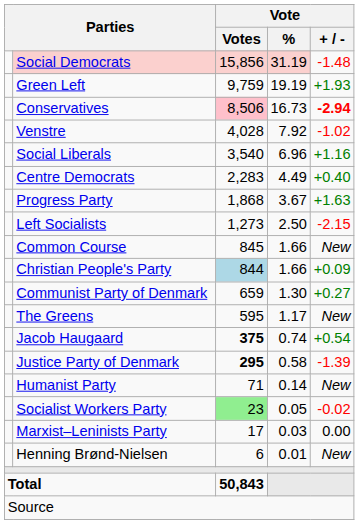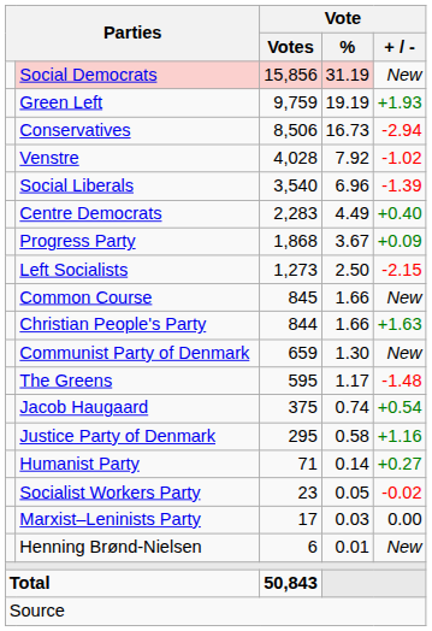 <table class="wikitable" style="text-align:right;">
 <tr>
 <th style="text-align:centre;" rowspan="2" colspan="2" width="225">Parties</th>
 <th colspan="3">Vote</th>
 </tr>
 <tr>
 <th width="15">Votes</th>
 <th width="15">%</th>
 <th width="15">+ / -</th>
 </tr>
 <tr>
 <td width="2" style="color:inherit;background:"></td>
 <td bgcolor=#fbd0ce  align="left"><a href='#'>Social Democrats</a></td>
 <td bgcolor=#fbd0ce>15,856</td>
 <td bgcolor=#fbd0ce>31.19</td>
-<td style=color:red;>-1.48</td>
+<td><em>New</em></td>
 </tr>
 <tr>
 <td width="2" style="color:inherit;background:"></td>
 <td align="left"><a href='#'>Green Left</a></td>
 <td>9,759</td>
 <td>19.19</td>
 <td style=color:green;>+1.93</td>
 </tr>
 <tr>
 <td width="2" style="color:inherit;background:"></td>
 <td align="left"><a href='#'>Conservatives</a></td>
-<td style="background: pink;">8,506</td>
+<td>8,506</td>
 <td>16.73</td>
-<td style=color:red;><strong>-2.94</strong></td>
+<td style=color:red;>-2.94</td>
 </tr>
 <tr>
 <td width="2" style="color:inherit;background:"></td>
 <td align="left"><a href='#'>Venstre</a></td>
 <td>4,028</td>
 <td>7.92</td>
 <td style=color:red;>-1.02</td>
 </tr>
 <tr>
 <td width="2" style="color:inherit;background:"></td>
 <td align="left"><a href='#'>Social Liberals</a></td>
 <td>3,540</td>
 <td>6.96</td>
-<td style=color:green;>+1.16</td>
+<td style=color:red;>-1.39</td>
 </tr>
 <tr>
 <td width="2" style="color:inherit;background:"></td>
 <td align="left"><a href='#'>Centre Democrats</a></td>
 <td>2,283</td>
 <td>4.49</td>
 <td style=color:green;>+0.40</td>
 </tr>
 <tr>
 <td width="2" style="color:inherit;background:"></td>
 <td align="left"><a href='#'>Progress Party</a></td>
 <td>1,868</td>
 <td>3.67</td>
-<td style=color:green;>+1.63</td>
+<td style=color:green;>+0.09</td>
 </tr>
 <tr>
 <td width="2" style="color:inherit;background:"></td>
 <td align="left"><a href='#'>Left Socialists</a></td>
 <td>1,273</td>
 <td>2.50</td>
 <td style=color:red;>-2.15</td>
 </tr>
 <tr>
 <td width="2" style="color:inherit;background:"></td>
 <td align="left"><a href='#'>Common Course</a></td>
 <td>845</td>
 <td>1.66</td>
 <td><em>New</em></td>
 </tr>
 <tr>
 <td width="2" style="color:inherit;background:"></td>
 <td align="left"><a href='#'>Christian People's Party</a></td>
-<td style="background: lightblue;">844</td>
+<td>844</td>
 <td>1.66</td>
-<td style=color:green;>+0.09</td>
+<td style=color:green;>+1.63</td>
 </tr>
 <tr>
 <td width="2" style="color:inherit;background:"></td>
 <td align="left"><a href='#'>Communist Party of Denmark</a></td>
 <td>659</td>
 <td>1.30</td>
-<td style=color:green;>+0.27</td>
+<td><em>New</em></td>
 </tr>
 <tr>
 <td width="2" style="color:inherit;background:"></td>
 <td align="left"><a href='#'>The Greens</a></td>
 <td>595</td>
 <td>1.17</td>
-<td><em>New</em></td>
+<td style=color:red;>-1.48</td>
 </tr>
 <tr>
 <td width="2" style="color:inherit;background:"></td>
 <td align="left"><a href='#'>Jacob Haugaard</a></td>
-<td><strong>375</strong></td>
+<td>375</td>
 <td>0.74</td>
 <td style=color:green;>+0.54</td>
 </tr>
 <tr>
 <td width="2" style="color:inherit;background:"></td>
 <td align="left"><a href='#'>Justice Party of Denmark</a></td>
-<td><strong>295</strong></td>
+<td>295</td>
 <td>0.58</td>
-<td style=color:red;>-1.39</td>
+<td style=color:green;>+1.16</td>
 </tr>
 <tr>
 <td width="2" style="color:inherit;background:"></td>
 <td align="left"><a href='#'>Humanist Party</a></td>
 <td>71</td>
 <td>0.14</td>
-<td><em>New</em></td>
+<td style=color:green;>+0.27</td>
 </tr>
 <tr>
 <td width="2" style="color:inherit;background:"></td>
 <td align="left"><a href='#'>Socialist Workers Party</a></td>
-<td style="background: lightgreen;">23</td>
+<td>23</td>
 <td>0.05</td>
 <td style=color:red;>-0.02</td>
 </tr>
 <tr>
 <td width="2" style="color:inherit;background:"></td>
 <td align="left"><a href='#'>Marxist–Leninists Party</a></td>
 <td>17</td>
 <td>0.03</td>
 <td>0.00</td>
 </tr>
 <tr>
 <td width="2" style="color:inherit;background:"></td>
 <td align="left">Henning Brønd-Nielsen</td>
 <td>6</td>
 <td>0.01</td>
 <td><em>New</em></td>
 </tr>
 <tr>
 <td colspan="7" bgcolor="#E9E9E9"></td>
 </tr>
 <tr>
 <td align="left" colspan="2"><strong>Total</strong></td>
 <td><strong>50,843</strong></td>
 <td bgcolor="#E9E9E9" colspan="2"></td>
 </tr>
 <tr>
 <td align="left" colspan="6">Source</td>
 </tr>
 </table>
